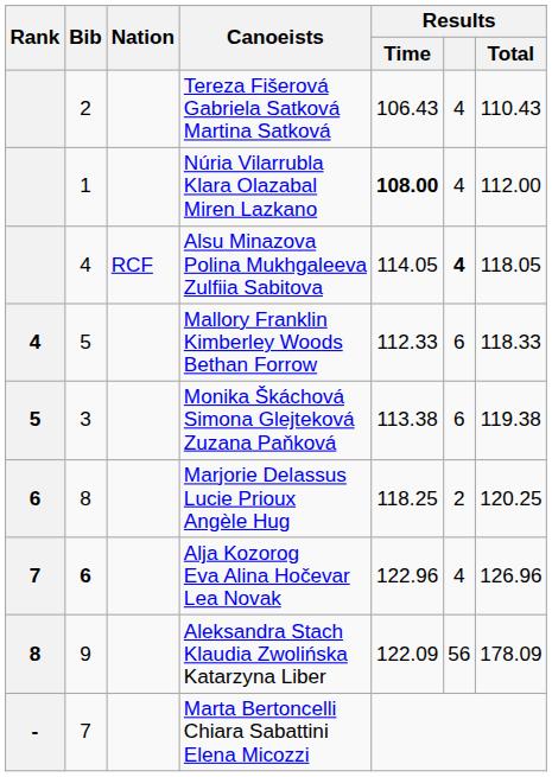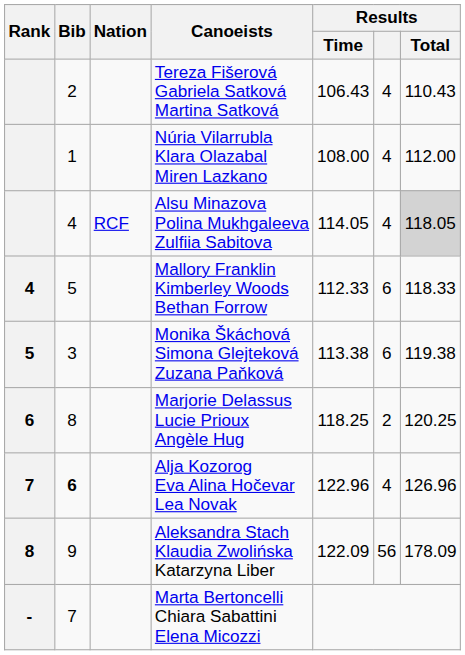 <table class="wikitable" style="text-align:center">
 <tr>
 <th rowspan=2>Rank</th>
 <th rowspan=2>Bib</th>
 <th rowspan=2>Nation</th>
 <th rowspan=2>Canoeists</th>
 <th colspan=3>Results</th>
 </tr>
 <tr>
 <th>Time</th>
 <th></th>
 <th>Total</th>
 </tr>
 <tr>
 <th></th>
 <td>2</td>
 <td align=left></td>
 <td align=left><a href='#'>Tereza Fišerová</a><br><a href='#'>Gabriela Satková</a><br><a href='#'>Martina Satková</a></td>
 <td>106.43</td>
 <td>4</td>
 <td>110.43</td>
 </tr>
 <tr>
 <th></th>
 <td>1</td>
 <td align=left></td>
 <td align=left><a href='#'>Núria Vilarrubla</a><br><a href='#'>Klara Olazabal</a><br><a href='#'>Miren Lazkano</a></td>
-<td><strong>108.00</strong></td>
+<td>108.00</td>
 <td>4</td>
 <td>112.00</td>
 </tr>
 <tr>
 <th></th>
 <td>4</td>
 <td align=left> <a href='#'>RCF</a></td>
 <td align=left><a href='#'>Alsu Minazova</a><br><a href='#'>Polina Mukhgaleeva</a><br><a href='#'>Zulfiia Sabitova</a></td>
 <td>114.05</td>
-<td><strong>4</strong></td>
-<td>118.05</td>
+<td>4</td>
+<td style="background: lightgrey;">118.05</td>
 </tr>
 <tr>
 <th>4</th>
 <td>5</td>
 <td align=left></td>
 <td align=left><a href='#'>Mallory Franklin</a><br><a href='#'>Kimberley Woods</a><br><a href='#'>Bethan Forrow</a></td>
 <td>112.33</td>
 <td>6</td>
 <td>118.33</td>
 </tr>
 <tr>
 <th>5</th>
 <td>3</td>
 <td align=left></td>
 <td align=left><a href='#'>Monika Škáchová</a><br><a href='#'>Simona Glejteková</a><br><a href='#'>Zuzana Paňková</a></td>
 <td>113.38</td>
 <td>6</td>
 <td>119.38</td>
 </tr>
 <tr>
 <th>6</th>
 <td>8</td>
 <td align=left></td>
 <td align=left><a href='#'>Marjorie Delassus</a><br><a href='#'>Lucie Prioux</a><br><a href='#'>Angèle Hug</a></td>
 <td>118.25</td>
 <td>2</td>
 <td>120.25</td>
 </tr>
 <tr>
 <th>7</th>
 <td><strong>6</strong></td>
 <td align=left></td>
 <td align=left><a href='#'>Alja Kozorog</a><br><a href='#'>Eva Alina Hočevar </a><br><a href='#'>Lea Novak</a></td>
 <td>122.96</td>
 <td>4</td>
 <td>126.96</td>
 </tr>
 <tr>
 <th>8</th>
 <td>9</td>
 <td align=left></td>
 <td align=left><a href='#'>Aleksandra Stach</a><br><a href='#'>Klaudia Zwolińska</a><br>Katarzyna Liber</td>
 <td>122.09</td>
 <td>56</td>
 <td>178.09</td>
 </tr>
 <tr>
 <th>-</th>
 <td>7</td>
 <td align=left></td>
 <td align=left><a href='#'>Marta Bertoncelli</a><br>Chiara Sabattini<br><a href='#'>Elena Micozzi</a></td>
 <td colspan=3></td>
 </tr>
 </table>
